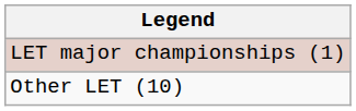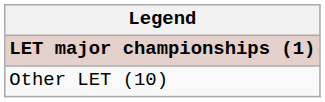 <table class="wikitable" style="font-size:95%;">
 <tr>
 <th>Legend</th>
 </tr>
 <tr style="background:#e5d1cb;">
-<td>LET major championships (1)</td>
+<td><strong>LET major championships (1)</strong></td>
 </tr>
 <tr>
 <td>Other LET (10)</td>
 </tr>
 </table>
